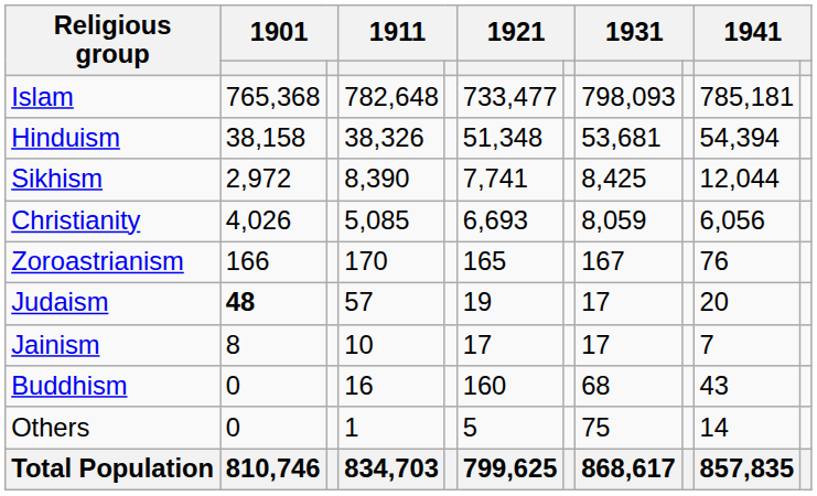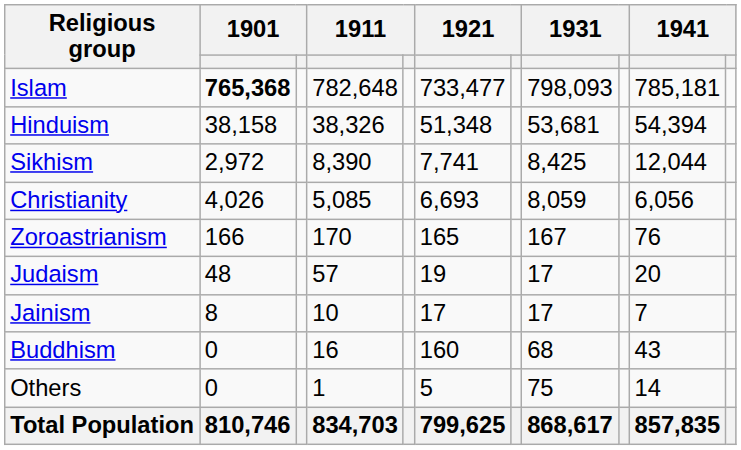 <table class="wikitable sortable">
 <tr>
 <th rowspan="2">Religious<br>group</th>
 <th colspan="2">1901</th>
 <th colspan="2">1911</th>
 <th colspan="2">1921</th>
 <th colspan="2">1931</th>
 <th colspan="2">1941</th>
 </tr>
 <tr>
 <th><a href='#'></a></th>
 <th></th>
 <th></th>
 <th></th>
 <th></th>
 <th></th>
 <th></th>
 <th></th>
 <th></th>
 <th></th>
 </tr>
 <tr>
 <td><a href='#'>Islam</a> </td>
-<td>765,368</td>
+<td><strong>765,368</strong></td>
 <td></td>
 <td>782,648</td>
 <td></td>
 <td>733,477</td>
 <td></td>
 <td>798,093</td>
 <td></td>
 <td>785,181</td>
 <td></td>
 </tr>
 <tr>
 <td><a href='#'>Hinduism</a> </td>
 <td>38,158</td>
 <td></td>
 <td>38,326</td>
 <td></td>
 <td>51,348</td>
 <td></td>
 <td>53,681</td>
 <td></td>
 <td>54,394</td>
 <td></td>
 </tr>
 <tr>
 <td><a href='#'>Sikhism</a> </td>
 <td>2,972</td>
 <td></td>
 <td>8,390</td>
 <td></td>
 <td>7,741</td>
 <td></td>
 <td>8,425</td>
 <td></td>
 <td>12,044</td>
 <td></td>
 </tr>
 <tr>
 <td><a href='#'>Christianity</a> </td>
 <td>4,026</td>
 <td></td>
 <td>5,085</td>
 <td></td>
 <td>6,693</td>
 <td></td>
 <td>8,059</td>
 <td></td>
 <td>6,056</td>
 <td></td>
 </tr>
 <tr>
 <td><a href='#'>Zoroastrianism</a> </td>
 <td>166</td>
 <td></td>
 <td>170</td>
 <td></td>
 <td>165</td>
 <td></td>
 <td>167</td>
 <td></td>
 <td>76</td>
 <td></td>
 </tr>
 <tr>
 <td><a href='#'>Judaism</a> </td>
-<td><strong>48</strong></td>
+<td>48</td>
 <td></td>
 <td>57</td>
 <td></td>
 <td>19</td>
 <td></td>
 <td>17</td>
 <td></td>
 <td>20</td>
 <td></td>
 </tr>
 <tr>
 <td><a href='#'>Jainism</a> </td>
 <td>8</td>
 <td></td>
 <td>10</td>
 <td></td>
 <td>17</td>
 <td></td>
 <td>17</td>
 <td></td>
 <td>7</td>
 <td></td>
 </tr>
 <tr>
 <td><a href='#'>Buddhism</a> </td>
 <td>0</td>
 <td></td>
 <td>16</td>
 <td></td>
 <td>160</td>
 <td></td>
 <td>68</td>
 <td></td>
 <td>43</td>
 <td></td>
 </tr>
 <tr>
 <td>Others</td>
 <td>0</td>
 <td></td>
 <td>1</td>
 <td></td>
 <td>5</td>
 <td></td>
 <td>75</td>
 <td></td>
 <td>14</td>
 <td></td>
 </tr>
 <tr>
 <th>Total Population</th>
 <th>810,746</th>
 <th></th>
 <th>834,703</th>
 <th></th>
 <th>799,625</th>
 <th></th>
 <th>868,617</th>
 <th></th>
 <th>857,835</th>
 <th></th>
 </tr>
 </table>
